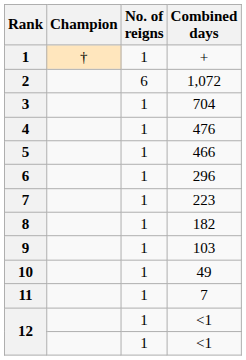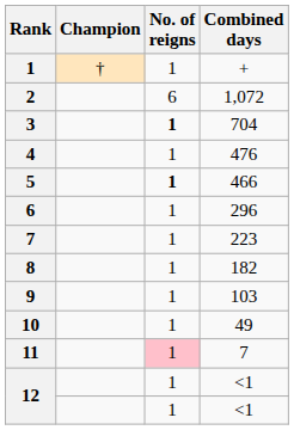 <table class="wikitable sortable" style="text-align: center">
 <tr>
 <th>Rank</th>
 <th>Champion</th>
 <th>No. of<br>reigns</th>
 <th>Combined<br>days</th>
 </tr>
 <tr>
 <th>1</th>
 <td style="background-color: #ffe6bd"> †</td>
 <td>1</td>
 <td>+</td>
 </tr>
 <tr>
 <th>2</th>
 <td></td>
 <td>6</td>
 <td>1,072</td>
 </tr>
 <tr>
 <th>3</th>
 <td></td>
-<td>1</td>
+<td><strong>1</strong></td>
 <td>704</td>
 </tr>
 <tr>
 <th>4</th>
 <td></td>
 <td>1</td>
 <td>476</td>
 </tr>
 <tr>
 <th>5</th>
 <td></td>
-<td>1</td>
+<td><strong>1</strong></td>
 <td>466</td>
 </tr>
 <tr>
 <th>6</th>
 <td></td>
 <td>1</td>
 <td>296</td>
 </tr>
 <tr>
 <th>7</th>
 <td></td>
 <td>1</td>
 <td>223</td>
 </tr>
 <tr>
 <th>8</th>
 <td></td>
 <td>1</td>
 <td>182</td>
 </tr>
 <tr>
 <th>9</th>
 <td></td>
 <td>1</td>
 <td>103</td>
 </tr>
 <tr>
 <th>10</th>
 <td></td>
 <td>1</td>
 <td>49</td>
 </tr>
 <tr>
 <th>11</th>
 <td></td>
-<td>1</td>
+<td style="background: pink;">1</td>
 <td>7</td>
 </tr>
 <tr>
 <th rowspan=2>12</th>
 <td></td>
 <td>1</td>
 <td><1</td>
 </tr>
 <tr>
 <td></td>
 <td>1</td>
 <td><1</td>
 </tr>
 </table>
